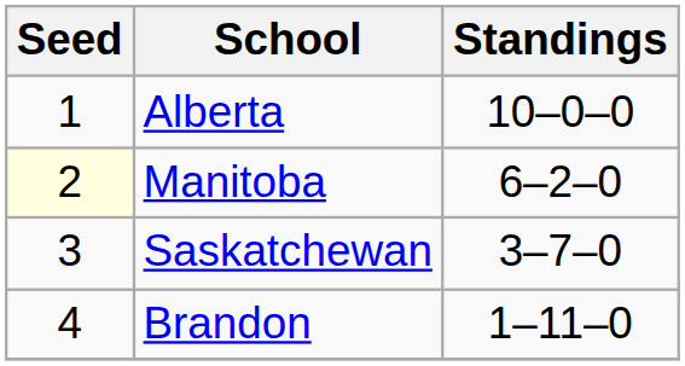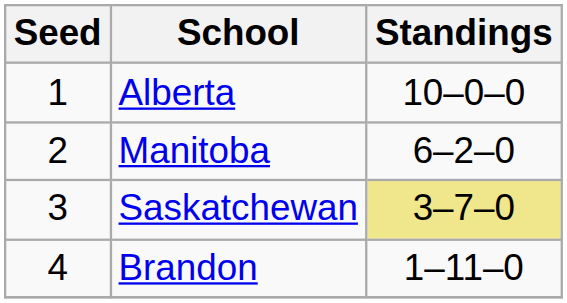 <table class="wikitable">
 <tr>
 <th>Seed</th>
 <th>School</th>
 <th>Standings</th>
 </tr>
 <tr>
 <td align=center>1</td>
 <td><a href='#'>Alberta</a></td>
 <td align=center>10–0–0</td>
 </tr>
 <tr>
-<td align=center style="background: lightyellow;">2</td>
+<td align=center>2</td>
 <td><a href='#'>Manitoba</a></td>
 <td align=center>6–2–0</td>
 </tr>
 <tr>
 <td align=center>3</td>
 <td><a href='#'>Saskatchewan</a></td>
-<td align=center>3–7–0</td>
+<td align=center style="background: khaki;">3–7–0</td>
 </tr>
 <tr>
 <td align=center>4</td>
 <td><a href='#'>Brandon</a></td>
 <td align=center>1–11–0</td>
 </tr>
 <tr>
 </tr>
 </table>
